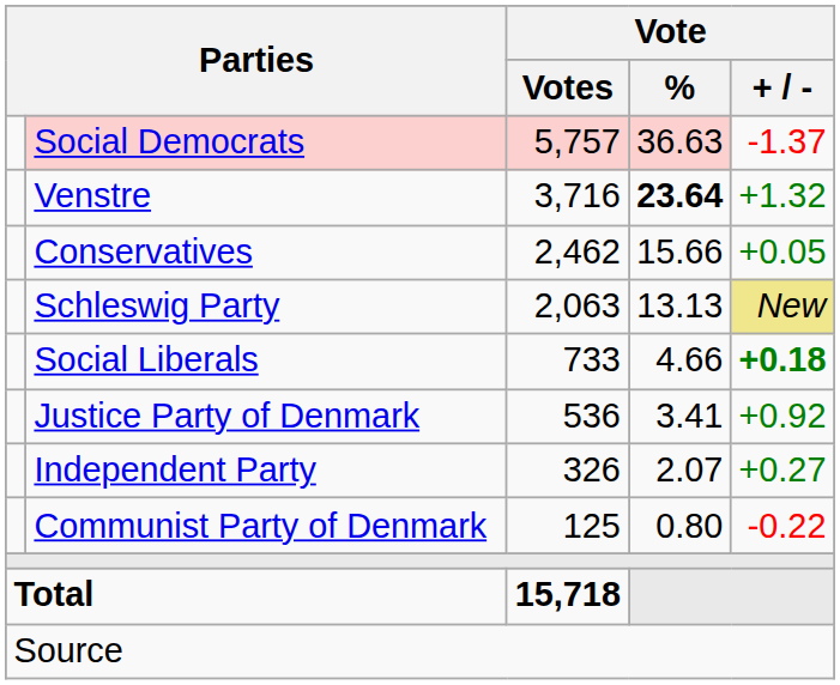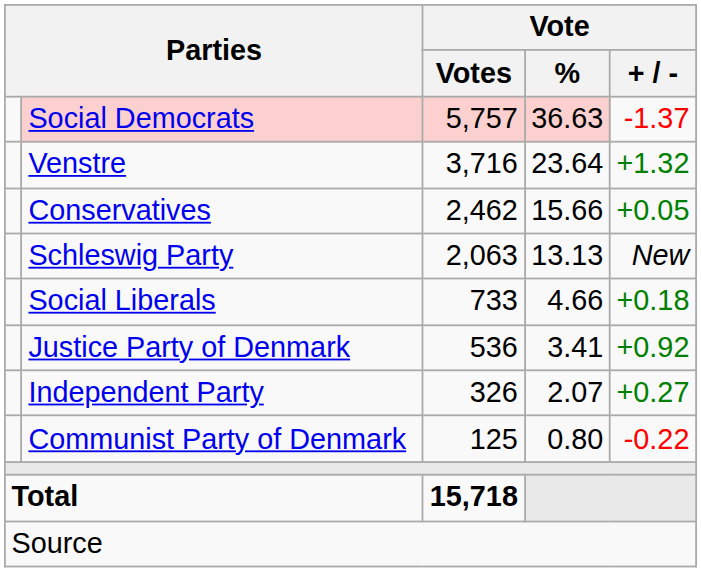 <table class="wikitable" style="text-align:right;">
 <tr>
 <th style="text-align:centre;" rowspan="2" colspan="2" width="225">Parties</th>
 <th colspan="3">Vote</th>
 </tr>
 <tr>
 <th width="15">Votes</th>
 <th width="15">%</th>
 <th width="15">+ / -</th>
 </tr>
 <tr>
 <td width="2" style="color:inherit;background:"></td>
 <td bgcolor=#fbd0ce  align="left"><a href='#'>Social Democrats</a></td>
 <td bgcolor=#fbd0ce>5,757</td>
 <td bgcolor=#fbd0ce>36.63</td>
 <td style=color:red;>-1.37</td>
 </tr>
 <tr>
 <td width="2" style="color:inherit;background:"></td>
 <td align="left"><a href='#'>Venstre</a></td>
 <td>3,716</td>
-<td><strong>23.64</strong></td>
+<td>23.64</td>
 <td style=color:green;>+1.32</td>
 </tr>
 <tr>
 <td width="2" style="color:inherit;background:"></td>
 <td align="left"><a href='#'>Conservatives</a></td>
 <td>2,462</td>
 <td>15.66</td>
 <td style=color:green;>+0.05</td>
 </tr>
 <tr>
 <td width="2" style="color:inherit;background:"></td>
 <td align="left"><a href='#'>Schleswig Party</a></td>
 <td>2,063</td>
 <td>13.13</td>
-<td style="background: khaki;"><em>New</em></td>
+<td><em>New</em></td>
 </tr>
 <tr>
 <td width="2" style="color:inherit;background:"></td>
 <td align="left"><a href='#'>Social Liberals</a></td>
 <td>733</td>
 <td>4.66</td>
-<td style=color:green;><strong>+0.18</strong></td>
+<td style=color:green;>+0.18</td>
 </tr>
 <tr>
 <td width="2" style="color:inherit;background:"></td>
 <td align="left"><a href='#'>Justice Party of Denmark</a></td>
 <td>536</td>
 <td>3.41</td>
 <td style=color:green;>+0.92</td>
 </tr>
 <tr>
 <td width="2" style="color:inherit;background:"></td>
 <td align="left"><a href='#'>Independent Party</a></td>
 <td>326</td>
 <td>2.07</td>
 <td style=color:green;>+0.27</td>
 </tr>
 <tr>
 <td width="2" style="color:inherit;background:"></td>
 <td align="left"><a href='#'>Communist Party of Denmark</a></td>
 <td>125</td>
 <td>0.80</td>
 <td style=color:red;>-0.22</td>
 </tr>
 <tr>
 <td colspan="7" bgcolor="#E9E9E9"></td>
 </tr>
 <tr>
 <td align="left" colspan="2"><strong>Total</strong></td>
 <td><strong>15,718</strong></td>
 <td bgcolor="#E9E9E9" colspan="2"></td>
 </tr>
 <tr>
 <td align="left" colspan="6">Source</td>
 </tr>
 </table>
